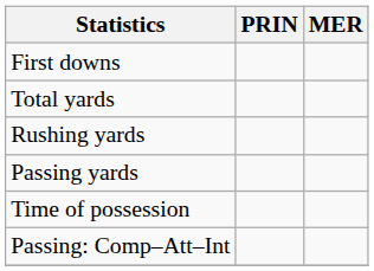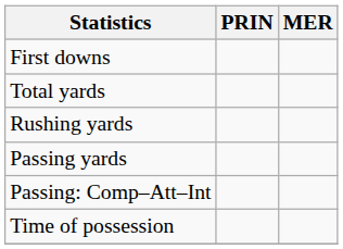 <table class="wikitable" style="float: left;">
 <tr>
 <th>Statistics</th>
 <th>PRIN</th>
 <th>MER</th>
 </tr>
 <tr>
 <td>First downs</td>
 <td></td>
 <td></td>
 </tr>
 <tr>
 <td>Total yards</td>
 <td></td>
 <td></td>
 </tr>
 <tr>
 <td>Rushing yards</td>
 <td></td>
 <td></td>
 </tr>
 <tr>
 <td>Passing yards</td>
 <td></td>
 <td></td>
 </tr>
 <tr>
-<td>Time of possession</td>
+<td>Passing: Comp–Att–Int</td>
 <td></td>
 <td></td>
 </tr>
 <tr>
-<td>Passing: Comp–Att–Int</td>
+<td>Time of possession</td>
 <td></td>
 <td></td>
 </tr>
 <tr>
 </tr>
 </table>
